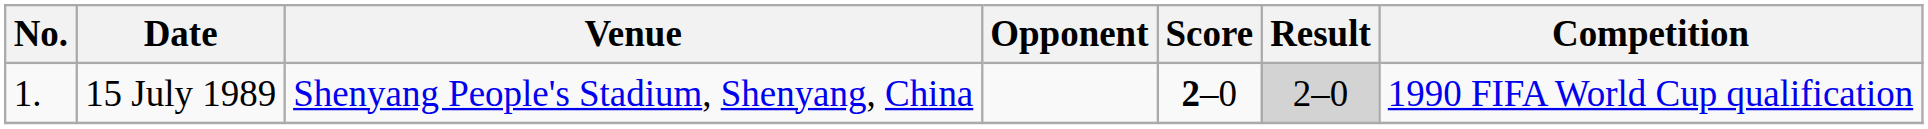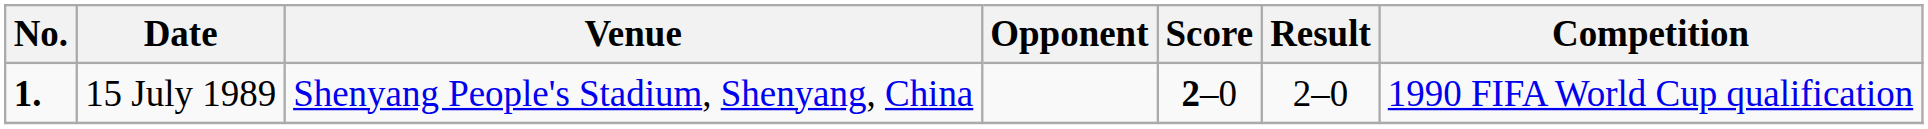 <table class="wikitable">
 <tr>
 <th>No.</th>
 <th>Date</th>
 <th>Venue</th>
 <th>Opponent</th>
 <th>Score</th>
 <th>Result</th>
 <th>Competition</th>
 </tr>
 <tr>
-<td>1.</td>
+<td><strong>1.</strong></td>
 <td>15 July 1989</td>
 <td><a href='#'>Shenyang People's Stadium</a>, <a href='#'>Shenyang</a>, <a href='#'>China</a></td>
 <td></td>
 <td align=center><strong>2</strong>–0</td>
-<td align=center style="background: lightgrey;">2–0</td>
+<td align=center>2–0</td>
 <td><a href='#'>1990 FIFA World Cup qualification</a></td>
 </tr>
 <tr>
 </tr>
 </table>
